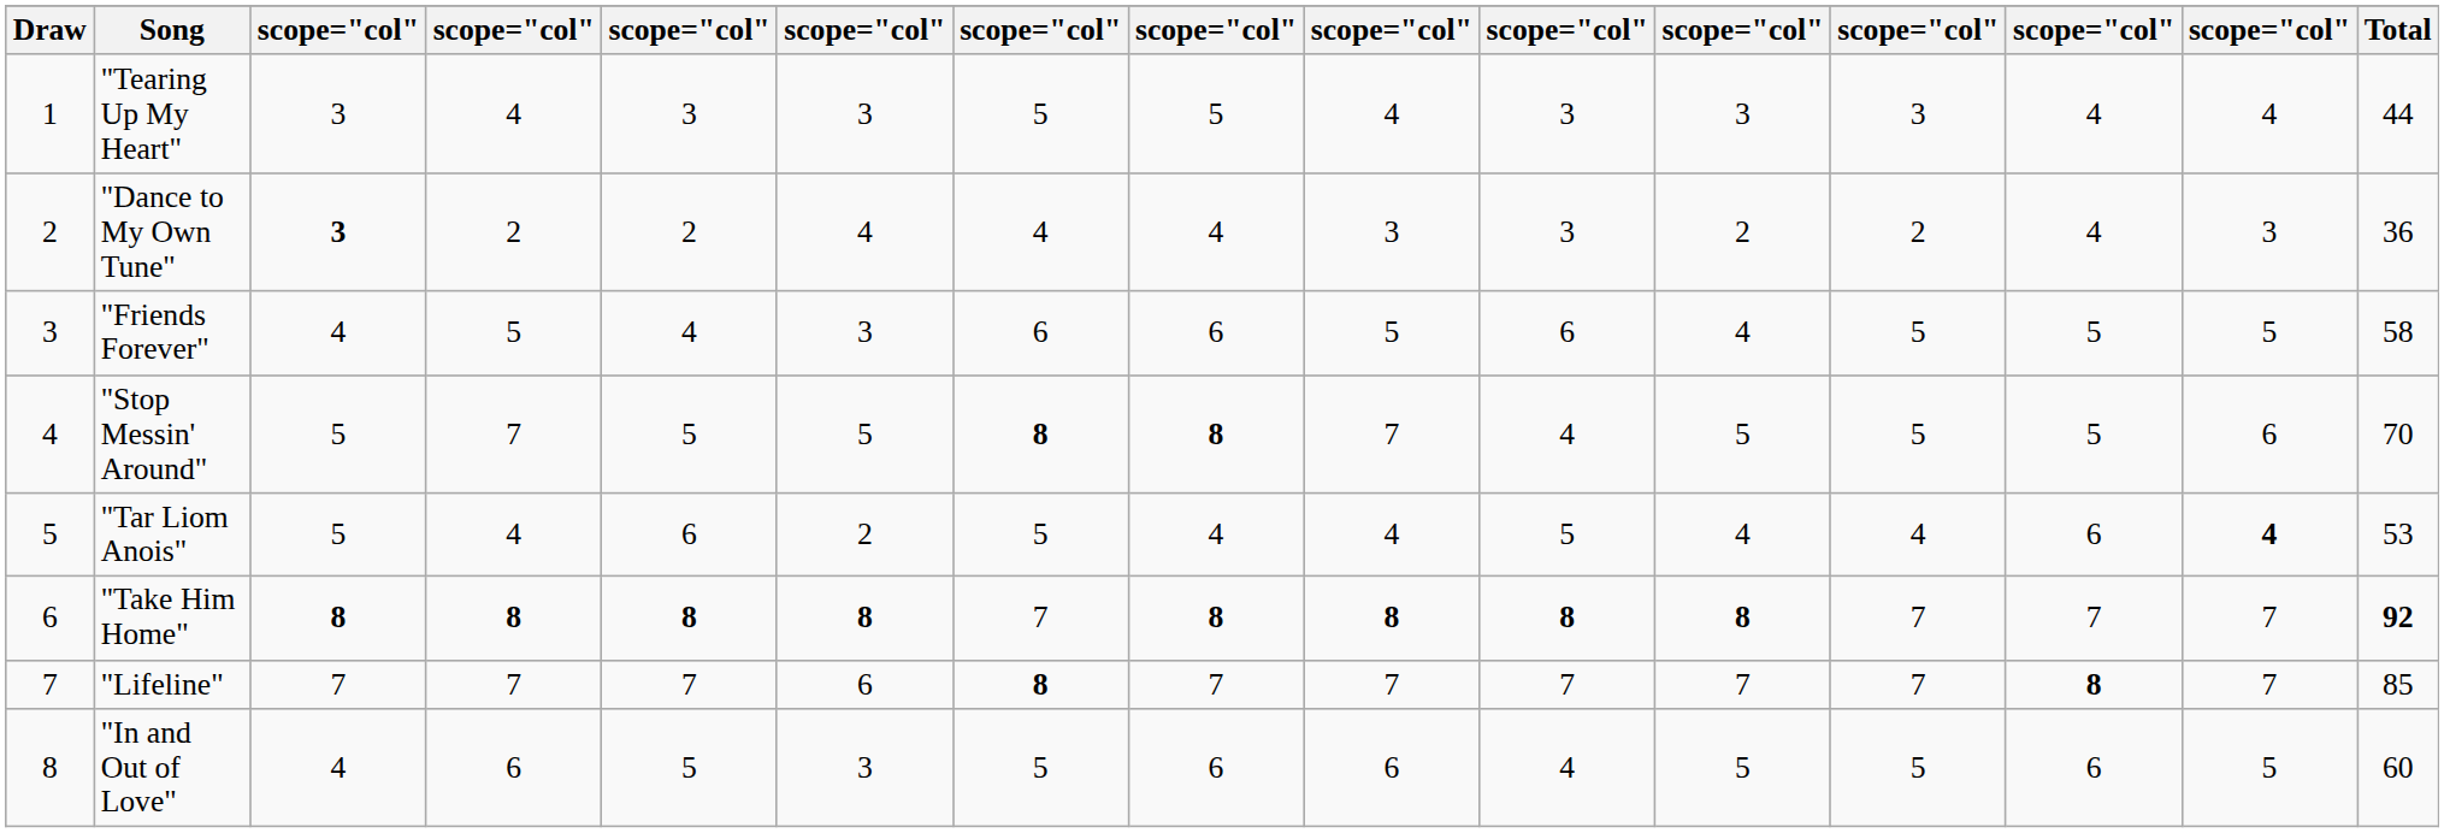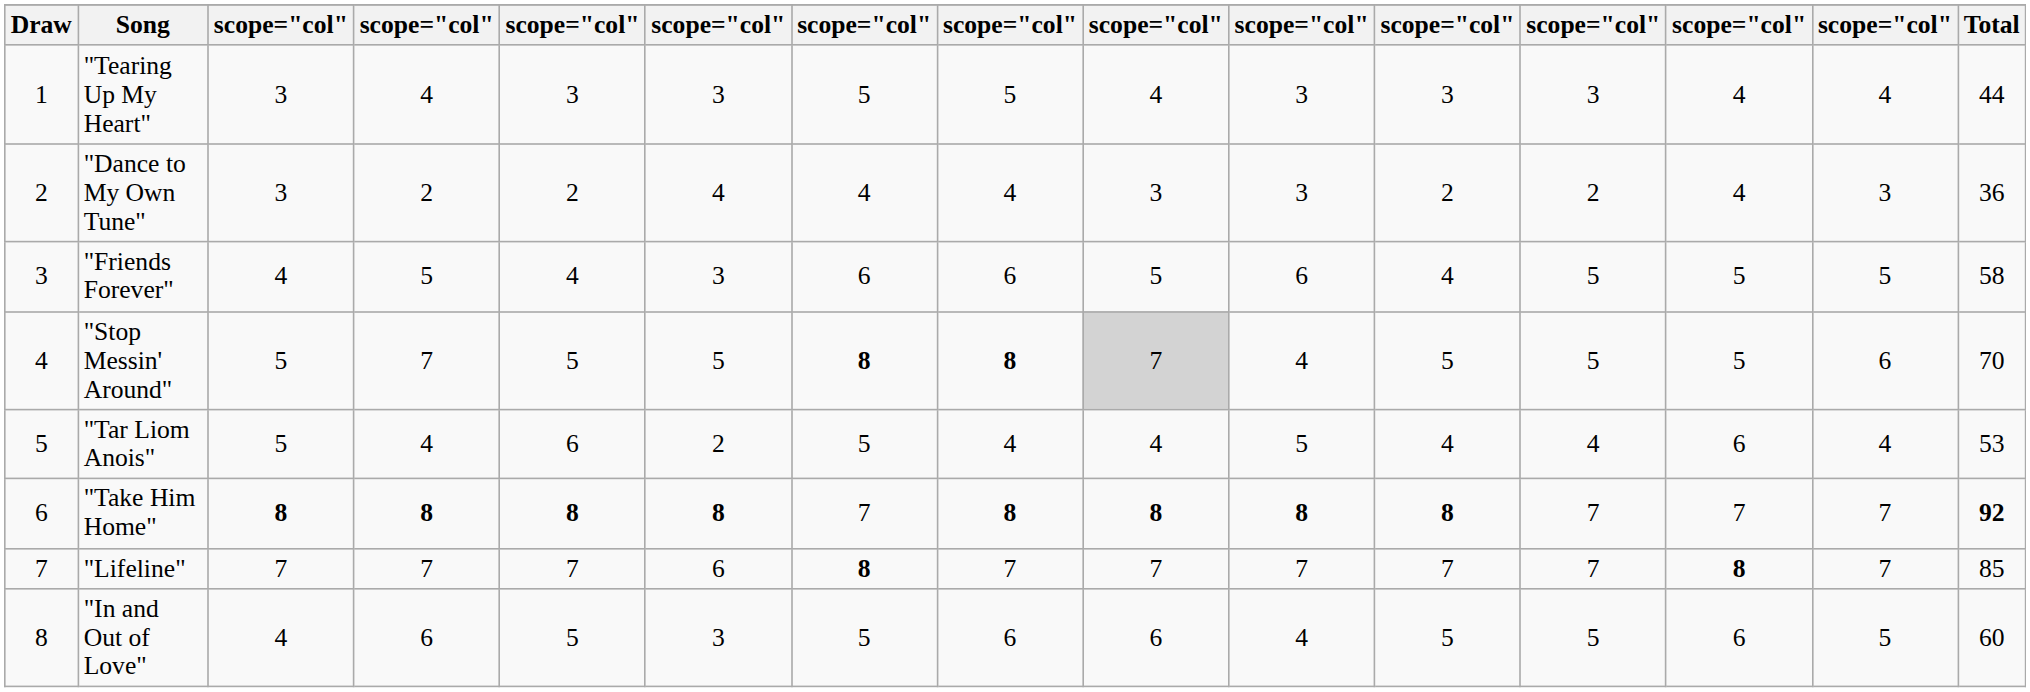 <table class="wikitable plainrowheaders" style="margin: 1em auto 1em auto; text-align:center;">
 <tr>
 </tr>
 <tr>
 <th scope="col">Draw</th>
 <th scope="col">Song</th>
 <th>scope="col" </th>
 <th>scope="col" </th>
 <th>scope="col" </th>
 <th>scope="col" </th>
 <th>scope="col" </th>
 <th>scope="col" </th>
 <th>scope="col" </th>
 <th>scope="col" </th>
 <th>scope="col" </th>
 <th>scope="col" </th>
 <th>scope="col" </th>
 <th>scope="col" </th>
 <th scope="col">Total</th>
 </tr>
 <tr --->
 <td>1</td>
 <td align="left">"Tearing Up My Heart"</td>
 <td>3</td>
 <td>4</td>
 <td>3</td>
 <td>3</td>
 <td>5</td>
 <td>5</td>
 <td>4</td>
 <td>3</td>
 <td>3</td>
 <td>3</td>
 <td>4</td>
 <td>4</td>
 <td>44</td>
 </tr>
 <tr --->
 <td>2</td>
 <td align="left">"Dance to My Own Tune"</td>
-<td><strong>3</strong></td>
+<td>3</td>
 <td>2</td>
 <td>2</td>
 <td>4</td>
 <td>4</td>
 <td>4</td>
 <td>3</td>
 <td>3</td>
 <td>2</td>
 <td>2</td>
 <td>4</td>
 <td>3</td>
 <td>36</td>
 </tr>
 <tr --->
 <td>3</td>
 <td align="left">"Friends Forever"</td>
 <td>4</td>
 <td>5</td>
 <td>4</td>
 <td>3</td>
 <td>6</td>
 <td>6</td>
 <td>5</td>
 <td>6</td>
 <td>4</td>
 <td>5</td>
 <td>5</td>
 <td>5</td>
 <td>58</td>
 </tr>
 <tr --->
 <td>4</td>
 <td align="left">"Stop Messin' Around"</td>
 <td>5</td>
 <td>7</td>
 <td>5</td>
 <td>5</td>
 <td><strong>8</strong></td>
 <td><strong>8</strong></td>
-<td>7</td>
+<td style="background: lightgrey;">7</td>
 <td>4</td>
 <td>5</td>
 <td>5</td>
 <td>5</td>
 <td>6</td>
 <td>70</td>
 </tr>
 <tr --->
 <td>5</td>
 <td align="left">"Tar Liom Anois"</td>
 <td>5</td>
 <td>4</td>
 <td>6</td>
 <td>2</td>
 <td>5</td>
 <td>4</td>
 <td>4</td>
 <td>5</td>
 <td>4</td>
 <td>4</td>
 <td>6</td>
-<td><strong>4</strong></td>
+<td>4</td>
 <td>53</td>
 </tr>
 <tr --->
 <td>6</td>
 <td align="left">"Take Him Home"</td>
 <td><strong>8</strong></td>
 <td><strong>8</strong></td>
 <td><strong>8</strong></td>
 <td><strong>8</strong></td>
 <td>7</td>
 <td><strong>8</strong></td>
 <td><strong>8</strong></td>
 <td><strong>8</strong></td>
 <td><strong>8</strong></td>
 <td>7</td>
 <td>7</td>
 <td>7</td>
 <td><strong>92</strong></td>
 </tr>
 <tr --->
 <td>7</td>
 <td align="left">"Lifeline"</td>
 <td>7</td>
 <td>7</td>
 <td>7</td>
 <td>6</td>
 <td><strong>8</strong></td>
 <td>7</td>
 <td>7</td>
 <td>7</td>
 <td>7</td>
 <td>7</td>
 <td><strong>8</strong></td>
 <td>7</td>
 <td>85</td>
 </tr>
 <tr --->
 <td>8</td>
 <td align="left">"In and Out of Love"</td>
 <td>4</td>
 <td>6</td>
 <td>5</td>
 <td>3</td>
 <td>5</td>
 <td>6</td>
 <td>6</td>
 <td>4</td>
 <td>5</td>
 <td>5</td>
 <td>6</td>
 <td>5</td>
 <td>60</td>
 </tr>
 </table>
